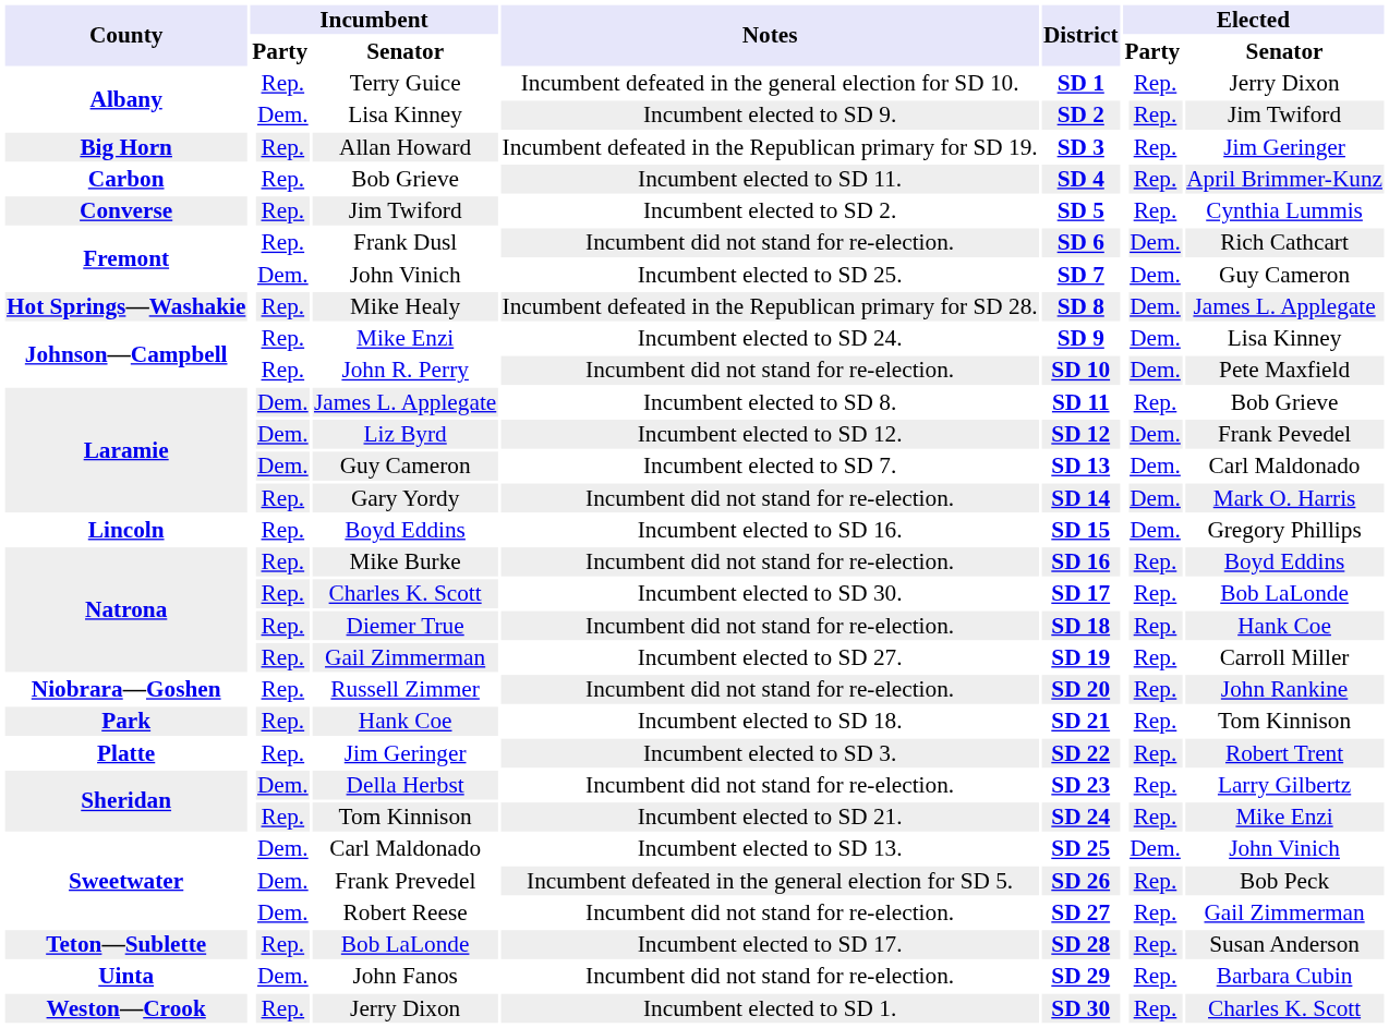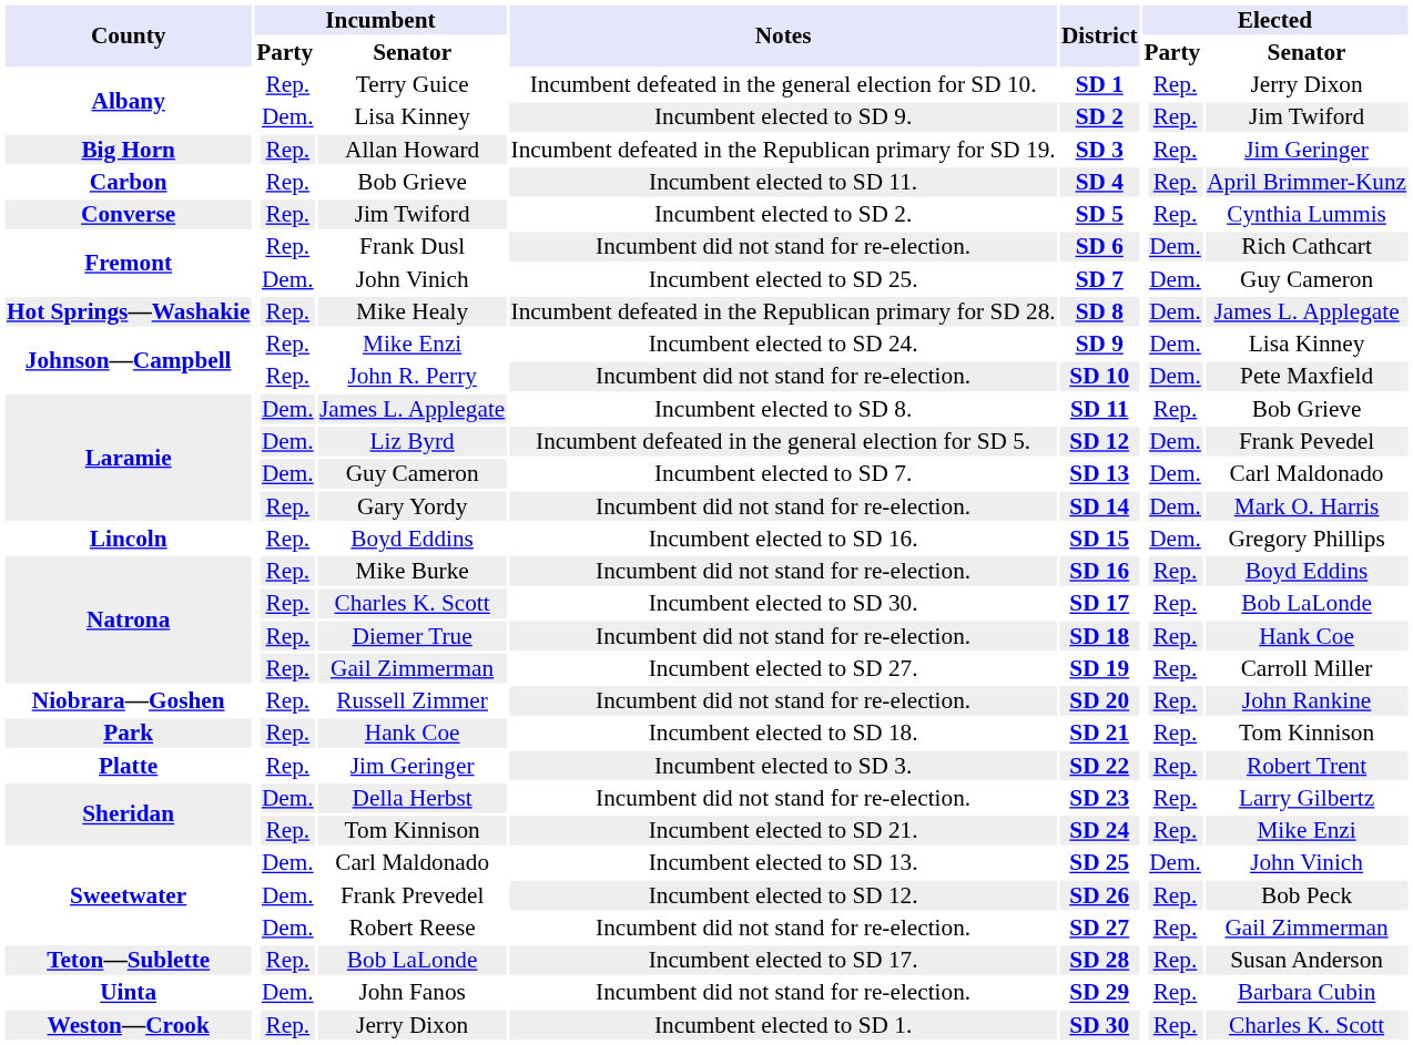 <table class="toccolours sortable" style="text-align:center;">
 <tr style="background:lavender">
 <th rowspan="2">County</th>
 <th colspan=3>Incumbent</th>
 <th rowspan="2">Notes</th>
 <th rowspan="2">District</th>
 <th colspan=3>Elected</th>
 </tr>
 <tr>
 <th colspan=2 align="center">Party</th>
 <th align="center">Senator</th>
 <th colspan=2 align="center">Party</th>
 <th align="center">Senator</th>
 </tr>
 <tr>
 <th rowspan=2><a href='#'>Albany</a></th>
 <td style="background-color:"></td>
 <td><a href='#'>Rep.</a></td>
 <td>Terry Guice</td>
 <td>Incumbent defeated in the general election for SD 10.</td>
 <th><a href='#'>SD 1</a></th>
 <td style="background-color:"></td>
 <td><a href='#'>Rep.</a></td>
 <td>Jerry Dixon</td>
 </tr>
 <tr>
 <td style="background-color:"></td>
 <td><a href='#'>Dem.</a></td>
 <td>Lisa Kinney</td>
 <td style="background:#EEEEEE;">Incumbent elected to SD 9.</td>
 <th style="background:#EEEEEE;"><a href='#'>SD 2</a></th>
 <td style="background-color:"></td>
 <td style="background:#EEEEEE;"><a href='#'>Rep.</a></td>
 <td style="background:#EEEEEE;">Jim Twiford</td>
 </tr>
 <tr>
 <th style="background:#EEEEEE;"><a href='#'>Big Horn</a></th>
 <td style="background-color:"></td>
 <td style="background:#EEEEEE;"><a href='#'>Rep.</a></td>
 <td style="background:#EEEEEE;">Allan Howard</td>
 <td>Incumbent defeated in the Republican primary for SD 19.</td>
 <th><a href='#'>SD 3</a></th>
 <td style="background-color:"></td>
 <td><a href='#'>Rep.</a></td>
 <td><a href='#'>Jim Geringer</a></td>
 </tr>
 <tr>
 <th><a href='#'>Carbon</a></th>
 <td style="background-color:"></td>
 <td><a href='#'>Rep.</a></td>
 <td>Bob Grieve</td>
 <td style="background:#EEEEEE;">Incumbent elected to SD 11.</td>
 <th style="background:#EEEEEE;"><a href='#'>SD 4</a></th>
 <td style="background-color:"></td>
 <td style="background:#EEEEEE;"><a href='#'>Rep.</a></td>
 <td style="background:#EEEEEE;"><a href='#'>April Brimmer-Kunz</a></td>
 </tr>
 <tr>
 <th style="background:#EEEEEE;"><a href='#'>Converse</a></th>
 <td style="background-color:"></td>
 <td style="background:#EEEEEE;"><a href='#'>Rep.</a></td>
 <td style="background:#EEEEEE;">Jim Twiford</td>
 <td>Incumbent elected to SD 2.</td>
 <th><a href='#'>SD 5</a></th>
 <td style="background-color:"></td>
 <td><a href='#'>Rep.</a></td>
 <td><a href='#'>Cynthia Lummis</a></td>
 </tr>
 <tr>
 <th rowspan=2><a href='#'>Fremont</a></th>
 <td style="background-color:"></td>
 <td><a href='#'>Rep.</a></td>
 <td>Frank Dusl</td>
 <td style="background:#EEEEEE;">Incumbent did not stand for re-election.</td>
 <th style="background:#EEEEEE;"><a href='#'>SD 6</a></th>
 <td style="background-color:"></td>
 <td style="background:#EEEEEE;"><a href='#'>Dem.</a></td>
 <td style="background:#EEEEEE;">Rich Cathcart</td>
 </tr>
 <tr>
 <td style="background-color:"></td>
 <td><a href='#'>Dem.</a></td>
 <td>John Vinich</td>
 <td>Incumbent elected to SD 25.</td>
 <th><a href='#'>SD 7</a></th>
 <td style="background-color:"></td>
 <td><a href='#'>Dem.</a></td>
 <td>Guy Cameron</td>
 </tr>
 <tr>
 <th style="background:#EEEEEE;"><a href='#'>Hot Springs</a>—<a href='#'>Washakie</a></th>
 <td style="background-color:"></td>
 <td style="background:#EEEEEE;"><a href='#'>Rep.</a></td>
 <td style="background:#EEEEEE;">Mike Healy</td>
 <td style="background:#EEEEEE;">Incumbent defeated in the Republican primary for SD 28.</td>
 <th style="background:#EEEEEE;"><a href='#'>SD 8</a></th>
 <td style="background-color:"></td>
 <td style="background:#EEEEEE;"><a href='#'>Dem.</a></td>
 <td style="background:#EEEEEE;"><a href='#'>James L. Applegate</a></td>
 </tr>
 <tr>
 <th rowspan=2><a href='#'>Johnson</a>—<a href='#'>Campbell</a></th>
 <td style="background-color:"></td>
 <td><a href='#'>Rep.</a></td>
 <td><a href='#'>Mike Enzi</a></td>
 <td>Incumbent elected to SD 24.</td>
 <th><a href='#'>SD 9</a></th>
 <td style="background-color:"></td>
 <td><a href='#'>Dem.</a></td>
 <td>Lisa Kinney</td>
 </tr>
 <tr>
 <td style="background-color:"></td>
 <td><a href='#'>Rep.</a></td>
 <td><a href='#'>John R. Perry</a></td>
 <td style="background:#EEEEEE;">Incumbent did not stand for re-election.</td>
 <th style="background:#EEEEEE;"><a href='#'>SD 10</a></th>
 <td style="background-color:"></td>
 <td style="background:#EEEEEE;"><a href='#'>Dem.</a></td>
 <td style="background:#EEEEEE;">Pete Maxfield</td>
 </tr>
 <tr>
 <th style="background:#EEEEEE;" rowspan=4><a href='#'>Laramie</a></th>
 <td style="background-color:"></td>
 <td style="background:#EEEEEE;"><a href='#'>Dem.</a></td>
 <td style="background:#EEEEEE;"><a href='#'>James L. Applegate</a></td>
 <td>Incumbent elected to SD 8.</td>
 <th><a href='#'>SD 11</a></th>
 <td style="background-color:"></td>
 <td><a href='#'>Rep.</a></td>
 <td>Bob Grieve</td>
 </tr>
 <tr>
 <td style="background-color:"></td>
 <td style="background:#EEEEEE;"><a href='#'>Dem.</a></td>
 <td style="background:#EEEEEE;"><a href='#'>Liz Byrd</a></td>
-<td style="background:#EEEEEE;">Incumbent elected to SD 12.</td>
+<td style="background:#EEEEEE;">Incumbent defeated in the general election for SD 5.</td>
 <th style="background:#EEEEEE;"><a href='#'>SD 12</a></th>
 <td style="background-color:"></td>
 <td style="background:#EEEEEE;"><a href='#'>Dem.</a></td>
 <td style="background:#EEEEEE;">Frank Pevedel</td>
 </tr>
 <tr>
 <td style="background-color:"></td>
 <td style="background:#EEEEEE;"><a href='#'>Dem.</a></td>
 <td style="background:#EEEEEE;">Guy Cameron</td>
 <td>Incumbent elected to SD 7.</td>
 <th><a href='#'>SD 13</a></th>
 <td style="background-color:"></td>
 <td><a href='#'>Dem.</a></td>
 <td>Carl Maldonado</td>
 </tr>
 <tr>
 <td style="background-color:"></td>
 <td style="background:#EEEEEE;"><a href='#'>Rep.</a></td>
 <td style="background:#EEEEEE;">Gary Yordy</td>
 <td style="background:#EEEEEE;">Incumbent did not stand for re-election.</td>
 <th style="background:#EEEEEE;"><a href='#'>SD 14</a></th>
 <td style="background-color:"></td>
 <td style="background:#EEEEEE;"><a href='#'>Dem.</a></td>
 <td style="background:#EEEEEE;"><a href='#'>Mark O. Harris</a></td>
 </tr>
 <tr>
 <th><a href='#'>Lincoln</a></th>
 <td style="background-color:"></td>
 <td><a href='#'>Rep.</a></td>
 <td><a href='#'>Boyd Eddins</a></td>
 <td>Incumbent elected to SD 16.</td>
 <th><a href='#'>SD 15</a></th>
 <td style="background-color:"></td>
 <td><a href='#'>Dem.</a></td>
 <td>Gregory Phillips</td>
 </tr>
 <tr>
 <th style="background:#EEEEEE;" rowspan=4><a href='#'>Natrona</a></th>
 <td style="background-color:"></td>
 <td style="background:#EEEEEE;"><a href='#'>Rep.</a></td>
 <td style="background:#EEEEEE;">Mike Burke</td>
 <td style="background:#EEEEEE;">Incumbent did not stand for re-election.</td>
 <th style="background:#EEEEEE;"><a href='#'>SD 16</a></th>
 <td style="background-color:"></td>
 <td style="background:#EEEEEE;"><a href='#'>Rep.</a></td>
 <td style="background:#EEEEEE;"><a href='#'>Boyd Eddins</a></td>
 </tr>
 <tr>
 <td style="background-color:"></td>
 <td style="background:#EEEEEE;"><a href='#'>Rep.</a></td>
 <td style="background:#EEEEEE;"><a href='#'>Charles K. Scott</a></td>
 <td>Incumbent elected to SD 30.</td>
 <th><a href='#'>SD 17</a></th>
 <td style="background-color:"></td>
 <td><a href='#'>Rep.</a></td>
 <td><a href='#'>Bob LaLonde</a></td>
 </tr>
 <tr>
 <td style="background-color:"></td>
 <td style="background:#EEEEEE;"><a href='#'>Rep.</a></td>
 <td style="background:#EEEEEE;"><a href='#'>Diemer True</a></td>
 <td style="background:#EEEEEE;">Incumbent did not stand for re-election.</td>
 <th style="background:#EEEEEE;"><a href='#'>SD 18</a></th>
 <td style="background-color:"></td>
 <td style="background:#EEEEEE;"><a href='#'>Rep.</a></td>
 <td style="background:#EEEEEE;"><a href='#'>Hank Coe</a></td>
 </tr>
 <tr>
 <td style="background-color:"></td>
 <td style="background:#EEEEEE;"><a href='#'>Rep.</a></td>
 <td style="background:#EEEEEE;"><a href='#'>Gail Zimmerman</a></td>
 <td>Incumbent elected to SD 27.</td>
 <th><a href='#'>SD 19</a></th>
 <td style="background-color:"></td>
 <td><a href='#'>Rep.</a></td>
 <td>Carroll Miller</td>
 </tr>
 <tr>
 <th><a href='#'>Niobrara</a>—<a href='#'>Goshen</a></th>
 <td style="background-color:"></td>
 <td><a href='#'>Rep.</a></td>
 <td><a href='#'>Russell Zimmer</a></td>
 <td style="background:#EEEEEE;">Incumbent did not stand for re-election.</td>
 <th style="background:#EEEEEE;"><a href='#'>SD 20</a></th>
 <td style="background-color:"></td>
 <td style="background:#EEEEEE;"><a href='#'>Rep.</a></td>
 <td style="background:#EEEEEE;"><a href='#'>John Rankine</a></td>
 </tr>
 <tr>
 <th style="background:#EEEEEE;"><a href='#'>Park</a></th>
 <td style="background-color:"></td>
 <td style="background:#EEEEEE;"><a href='#'>Rep.</a></td>
 <td style="background:#EEEEEE;"><a href='#'>Hank Coe</a></td>
 <td>Incumbent elected to SD 18.</td>
 <th><a href='#'>SD 21</a></th>
 <td style="background-color:"></td>
 <td><a href='#'>Rep.</a></td>
 <td>Tom Kinnison</td>
 </tr>
 <tr>
 <th><a href='#'>Platte</a></th>
 <td style="background-color:"></td>
 <td><a href='#'>Rep.</a></td>
 <td><a href='#'>Jim Geringer</a></td>
 <td style="background:#EEEEEE;">Incumbent elected to SD 3.</td>
 <th style="background:#EEEEEE;"><a href='#'>SD 22</a></th>
 <td style="background-color:"></td>
 <td style="background:#EEEEEE;"><a href='#'>Rep.</a></td>
 <td style="background:#EEEEEE;"><a href='#'>Robert Trent</a></td>
 </tr>
 <tr>
 <th style="background:#EEEEEE;" rowspan=2><a href='#'>Sheridan</a></th>
 <td style="background-color:"></td>
 <td style="background:#EEEEEE;"><a href='#'>Dem.</a></td>
 <td style="background:#EEEEEE;"><a href='#'>Della Herbst</a></td>
 <td>Incumbent did not stand for re-election.</td>
 <th><a href='#'>SD 23</a></th>
 <td style="background-color:"></td>
 <td><a href='#'>Rep.</a></td>
 <td><a href='#'>Larry Gilbertz</a></td>
 </tr>
 <tr>
 <td style="background-color:"></td>
 <td style="background:#EEEEEE;"><a href='#'>Rep.</a></td>
 <td style="background:#EEEEEE;">Tom Kinnison</td>
 <td style="background:#EEEEEE;">Incumbent elected to SD 21.</td>
 <th style="background:#EEEEEE;"><a href='#'>SD 24</a></th>
 <td style="background-color:"></td>
 <td style="background:#EEEEEE;"><a href='#'>Rep.</a></td>
 <td style="background:#EEEEEE;"><a href='#'>Mike Enzi</a></td>
 </tr>
 <tr>
 <th rowspan=3><a href='#'>Sweetwater</a></th>
 <td style="background-color:"></td>
 <td><a href='#'>Dem.</a></td>
 <td>Carl Maldonado</td>
 <td>Incumbent elected to SD 13.</td>
 <th><a href='#'>SD 25</a></th>
 <td style="background-color:"></td>
 <td><a href='#'>Dem.</a></td>
 <td><a href='#'>John Vinich</a></td>
 </tr>
 <tr>
 <td style="background-color:"></td>
 <td><a href='#'>Dem.</a></td>
 <td>Frank Prevedel</td>
-<td style="background:#EEEEEE;">Incumbent defeated in the general election for SD 5.</td>
+<td style="background:#EEEEEE;">Incumbent elected to SD 12.</td>
 <th style="background:#EEEEEE;"><a href='#'>SD 26</a></th>
 <td style="background-color:"></td>
 <td style="background:#EEEEEE;"><a href='#'>Rep.</a></td>
 <td style="background:#EEEEEE;">Bob Peck</td>
 </tr>
 <tr>
 <td style="background-color:"></td>
 <td><a href='#'>Dem.</a></td>
 <td>Robert Reese</td>
 <td>Incumbent did not stand for re-election.</td>
 <th><a href='#'>SD 27</a></th>
 <td style="background-color:"></td>
 <td><a href='#'>Rep.</a></td>
 <td><a href='#'>Gail Zimmerman</a></td>
 </tr>
 <tr>
 <th style="background:#EEEEEE;"><a href='#'>Teton</a>—<a href='#'>Sublette</a></th>
 <td style="background-color:"></td>
 <td style="background:#EEEEEE;"><a href='#'>Rep.</a></td>
 <td style="background:#EEEEEE;"><a href='#'>Bob LaLonde</a></td>
 <td style="background:#EEEEEE;">Incumbent elected to SD 17.</td>
 <th style="background:#EEEEEE;"><a href='#'>SD 28</a></th>
 <td style="background-color:"></td>
 <td style="background:#EEEEEE;"><a href='#'>Rep.</a></td>
 <td style="background:#EEEEEE;">Susan Anderson</td>
 </tr>
 <tr>
 <th><a href='#'>Uinta</a></th>
 <td style="background-color:"></td>
 <td><a href='#'>Dem.</a></td>
 <td>John Fanos</td>
 <td>Incumbent did not stand for re-election.</td>
 <th><a href='#'>SD 29</a></th>
 <td style="background-color:"></td>
 <td><a href='#'>Rep.</a></td>
 <td><a href='#'>Barbara Cubin</a></td>
 </tr>
 <tr>
 <th style="background:#EEEEEE;"><a href='#'>Weston</a>—<a href='#'>Crook</a></th>
 <td style="background-color:"></td>
 <td style="background:#EEEEEE;"><a href='#'>Rep.</a></td>
 <td style="background:#EEEEEE;">Jerry Dixon</td>
 <td style="background:#EEEEEE;">Incumbent elected to SD 1.</td>
 <th style="background:#EEEEEE;"><a href='#'>SD 30</a></th>
 <td style="background-color:"></td>
 <td style="background:#EEEEEE;"><a href='#'>Rep.</a></td>
 <td style="background:#EEEEEE;"><a href='#'>Charles K. Scott</a></td>
 </tr>
 </table>
